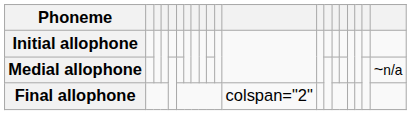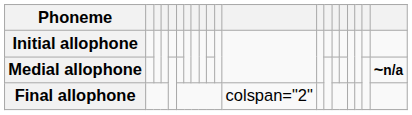 <table class="wikitable">
 <tr style="text-align: center;">
 <th>Phoneme</th>
 <th><br></th>
 <th><br></th>
 <th><br></th>
 <th><br></th>
 <th><br></th>
 <th><br></th>
 <th><br></th>
 <th><br></th>
 <th><br></th>
 <th><br></th>
 <th><br></th>
 <th><br></th>
 <th><br></th>
 <th><br></th>
 <th><br></th>
 <th><br></th>
 <th><br></th>
 <th><br></th>
 <th><br></th>
 </tr>
 <tr style="text-align: center;">
 <th>Initial allophone</th>
 <td></td>
 <td rowspan="2"></td>
 <td rowspan="2"></td>
 <td></td>
 <td></td>
 <td rowspan="2"></td>
 <td rowspan="2"></td>
 <td rowspan="2"></td>
 <td></td>
 <td rowspan="2"></td>
 <td rowspan="2"></td>
 <td rowspan="2"></td>
 <td></td>
 <td></td>
 <td></td>
 <td rowspan="2"></td>
 <td rowspan="2"></td>
 <td></td>
 <td></td>
 </tr>
 <tr style="text-align: center;">
 <th>Medial allophone</th>
 <td></td>
 <td rowspan="2"></td>
 <td></td>
 <td></td>
 <td rowspan="2"></td>
 <td></td>
 <td></td>
 <td rowspan="2"></td>
-<td>~<small>n/a</small></td>
+<td><strong>~<small>n/a</small></strong></td>
 </tr>
 <tr style="text-align: center;">
 <th>Final allophone</th>
 <td colspan="3"></td>
 <td colspan="6"></td>
 <td>colspan="2" </td>
 <td></td>
 <td colspan="2"></td>
 <td></td>
 <td></td>
 </tr>
 </table>
